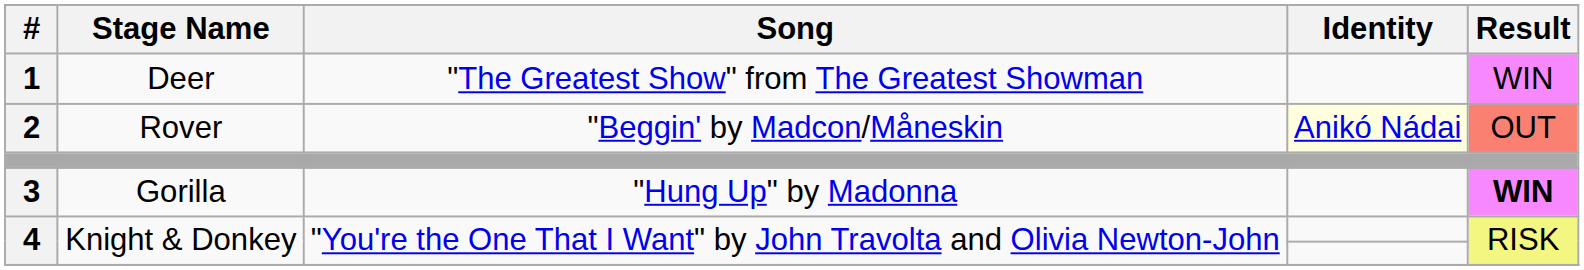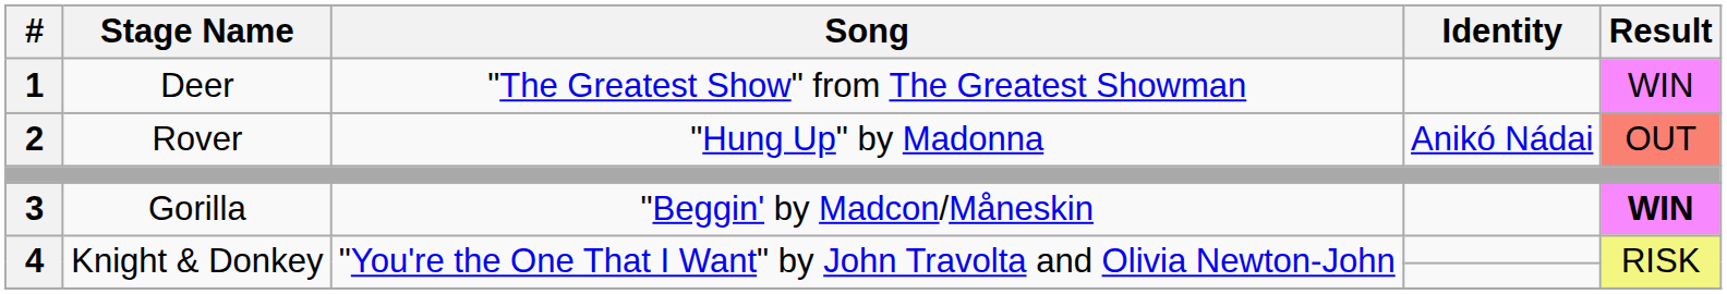 <table class="wikitable" style="text-align:center">
 <tr>
 <th style="width:20px">#</th>
 <th>Stage Name</th>
 <th>Song</th>
 <th>Identity</th>
 <th>Result</th>
 </tr>
 <tr>
 <th>1</th>
 <td>Deer</td>
 <td>"<a href='#'>The Greatest Show</a>" from <a href='#'>The Greatest Showman</a></td>
 <td></td>
 <td bgcolor="F888FD">WIN</td>
 </tr>
 <tr>
 <th>2</th>
 <td>Rover</td>
-<td>"<a href='#'>Beggin'</a> by <a href='#'>Madcon</a>/<a href='#'>Måneskin</a></td>
-<td style="background: lightyellow;"><a href='#'>Anikó Nádai</a></td>
+<td>"<a href='#'>Hung Up</a>" by <a href='#'>Madonna</a></td>
+<td><a href='#'>Anikó Nádai</a></td>
 <td bgcolor="salmon">OUT</td>
 </tr>
 <tr>
 <th colspan="5" style="background:darkgrey"></th>
 </tr>
 <tr>
 <th>3</th>
 <td>Gorilla</td>
-<td>"<a href='#'>Hung Up</a>" by <a href='#'>Madonna</a></td>
+<td>"<a href='#'>Beggin'</a> by <a href='#'>Madcon</a>/<a href='#'>Måneskin</a></td>
 <td></td>
 <td bgcolor="F888FD"><strong>WIN</strong></td>
 </tr>
 <tr>
 <th rowspan="2">4</th>
 <td rowspan="2">Knight & Donkey</td>
 <td rowspan="2">"<a href='#'>You're the One That I Want</a>" by <a href='#'>John Travolta</a> and <a href='#'>Olivia Newton-John</a></td>
 <td></td>
 <td rowspan="2" bgcolor="F3F781">RISK</td>
 </tr>
 <tr>
 <td></td>
 </tr>
 <tr>
 </tr>
 </table>
